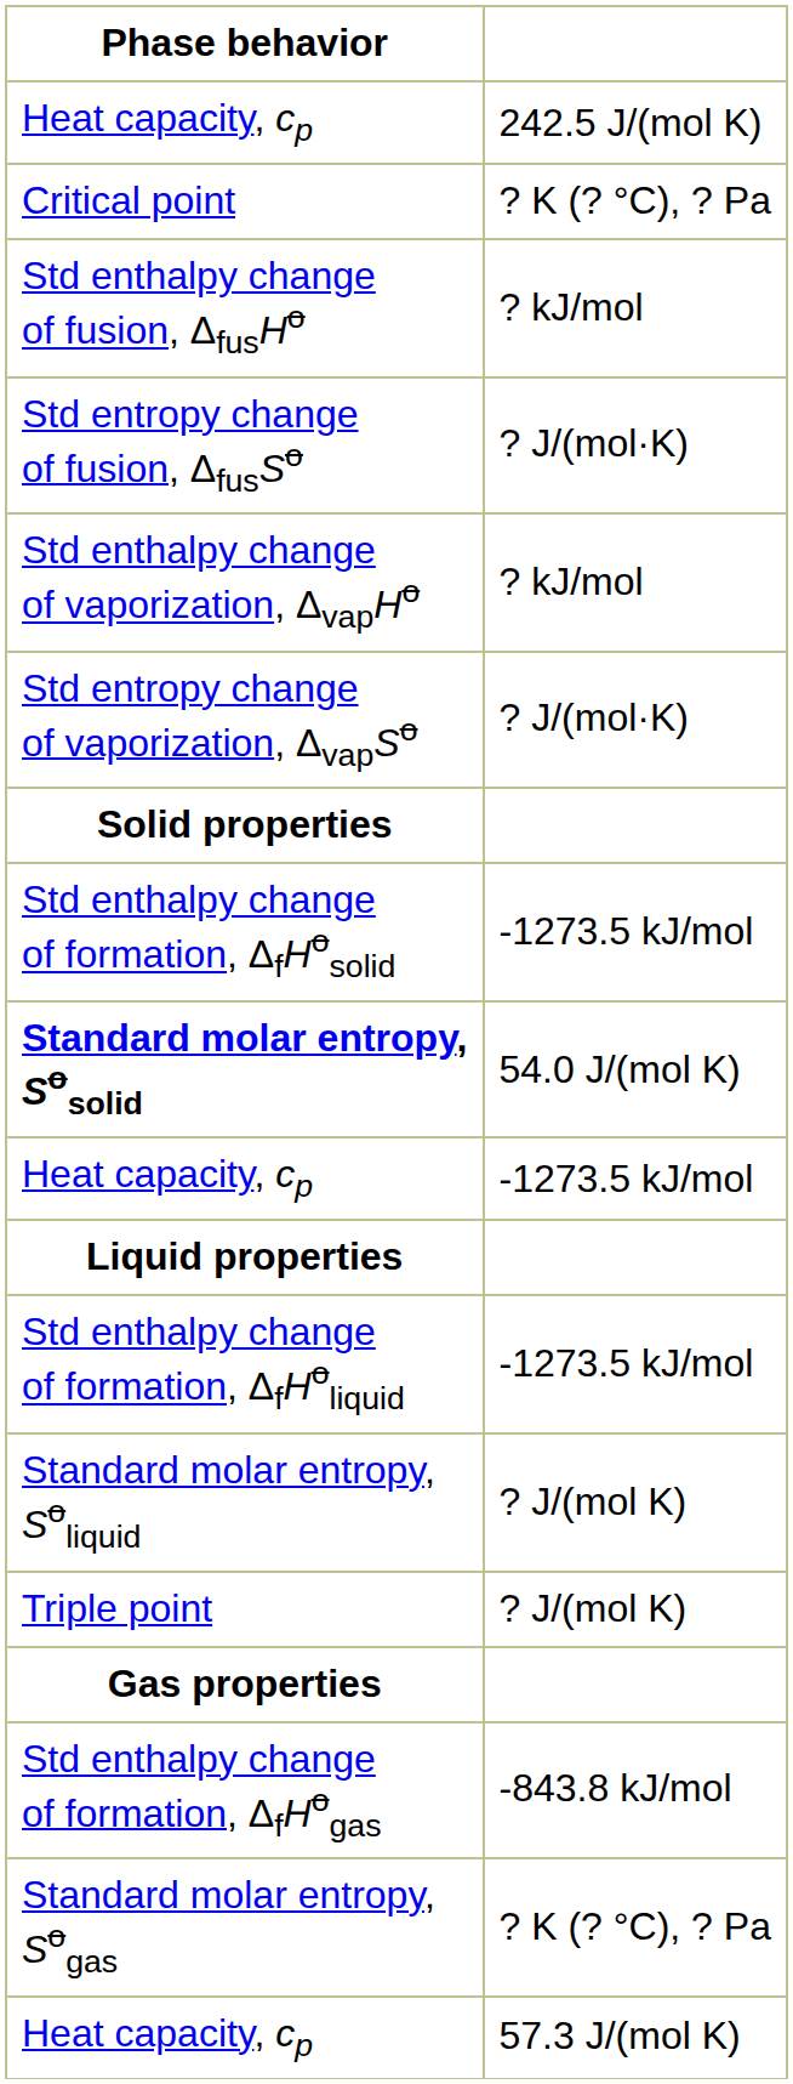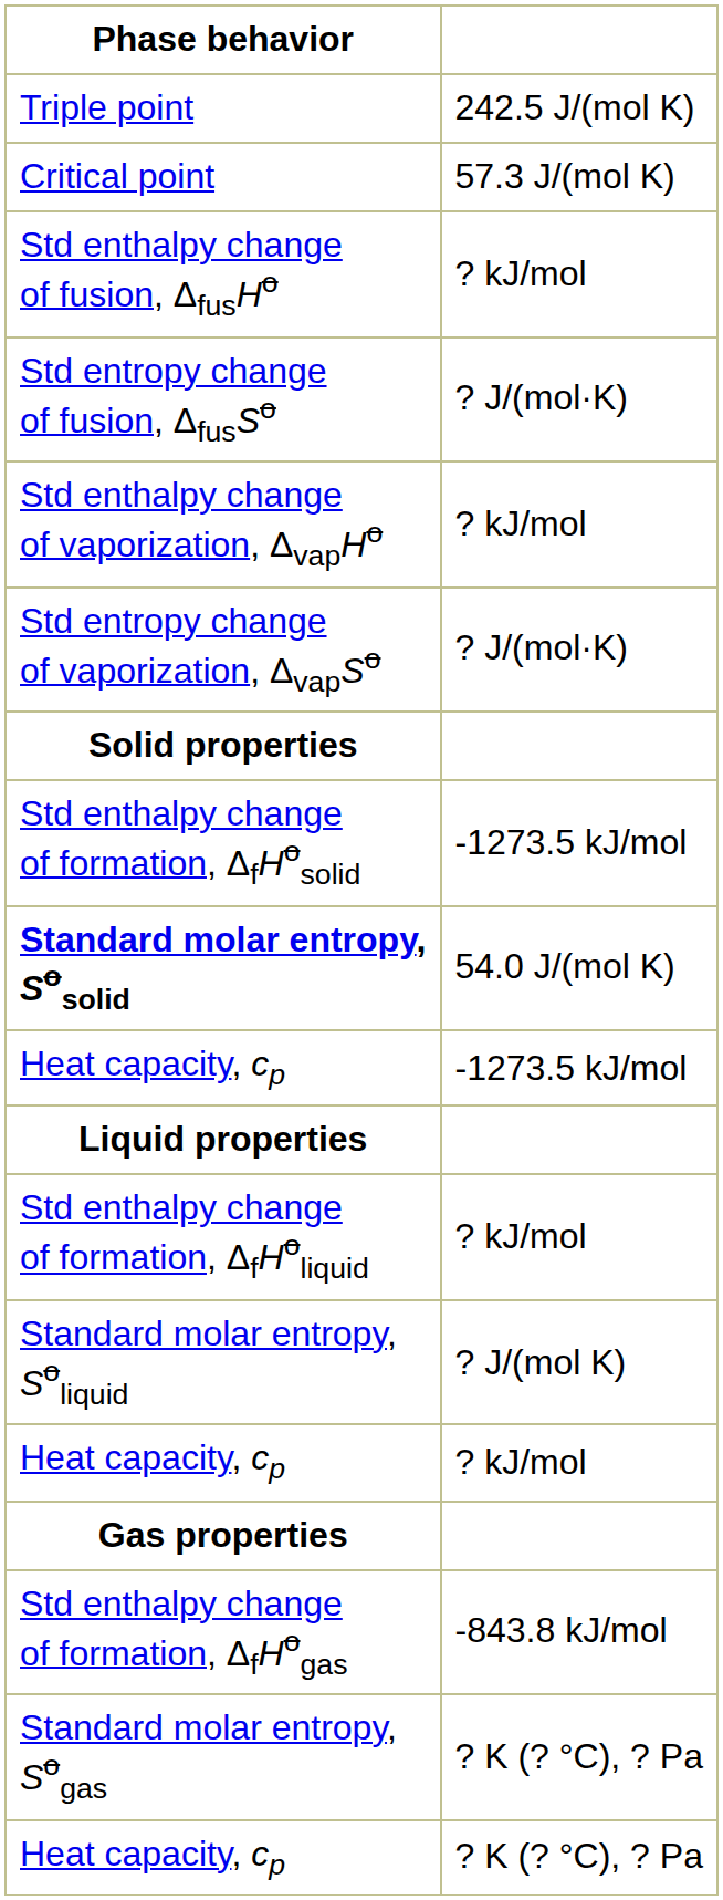 <table border="1" cellspacing="0" cellpadding="6" style="margin: 0 0 0 0.5em; background: #FFFFFF; border-collapse: collapse; border-color: #C0C090;">
 <tr>
 <th>Phase behavior</th>
 </tr>
 <tr>
-<td><a href='#'>Heat capacity</a>, <em>c<sub>p</sub></em></td>
+<td><a href='#'>Triple point</a></td>
 <td>242.5 J/(mol K)</td>
 </tr>
 <tr>
 <td><a href='#'>Critical point</a></td>
-<td>? K (? °C), ? Pa</td>
+<td>57.3 J/(mol K)</td>
 </tr>
 <tr>
 <td><a href='#'>Std enthalpy change<br>of fusion</a>, Δ<sub>fus</sub><em>H</em><sup><s>o</s></sup></td>
 <td>? kJ/mol</td>
 </tr>
 <tr>
 <td><a href='#'>Std entropy change<br>of fusion</a>, Δ<sub>fus</sub><em>S</em><sup><s>o</s></sup></td>
 <td>? J/(mol·K)</td>
 </tr>
 <tr>
 <td><a href='#'>Std enthalpy change<br>of vaporization</a>, Δ<sub>vap</sub><em>H</em><sup><s>o</s></sup></td>
 <td>? kJ/mol</td>
 </tr>
 <tr>
 <td><a href='#'>Std entropy change<br>of vaporization</a>, Δ<sub>vap</sub><em>S</em><sup><s>o</s></sup></td>
 <td>? J/(mol·K)</td>
 </tr>
 <tr>
 <th>Solid properties</th>
 </tr>
 <tr>
 <td><a href='#'>Std enthalpy change<br>of formation</a>, Δ<sub>f</sub><em>H</em><sup><s>o</s></sup><sub>solid</sub></td>
 <td>-1273.5 kJ/mol</td>
 </tr>
 <tr>
 <td><strong><a href='#'>Standard molar entropy</a>,<br><em>S</em><sup><s>o</s></sup><sub>solid</sub></strong></td>
 <td>54.0 J/(mol K)</td>
 </tr>
 <tr>
 <td><a href='#'>Heat capacity</a>, <em>c<sub>p</sub></em></td>
 <td>-1273.5 kJ/mol</td>
 </tr>
 <tr>
 <th>Liquid properties</th>
 </tr>
 <tr>
 <td><a href='#'>Std enthalpy change<br>of formation</a>, Δ<sub>f</sub><em>H</em><sup><s>o</s></sup><sub>liquid</sub></td>
-<td>-1273.5 kJ/mol</td>
+<td>? kJ/mol</td>
 </tr>
 <tr>
 <td><a href='#'>Standard molar entropy</a>,<br><em>S</em><sup><s>o</s></sup><sub>liquid</sub></td>
 <td>? J/(mol K)</td>
 </tr>
 <tr>
-<td><a href='#'>Triple point</a></td>
-<td>? J/(mol K)</td>
+<td><a href='#'>Heat capacity</a>, <em>c<sub>p</sub></em></td>
+<td>? kJ/mol</td>
 </tr>
 <tr>
 <th>Gas properties</th>
 </tr>
 <tr>
 <td><a href='#'>Std enthalpy change<br>of formation</a>, Δ<sub>f</sub><em>H</em><sup><s>o</s></sup><sub>gas</sub></td>
 <td>-843.8 kJ/mol</td>
 </tr>
 <tr>
 <td><a href='#'>Standard molar entropy</a>,<br><em>S</em><sup><s>o</s></sup><sub>gas</sub></td>
 <td>? K (? °C), ? Pa</td>
 </tr>
 <tr>
 <td><a href='#'>Heat capacity</a>, <em>c<sub>p</sub></em></td>
-<td>57.3 J/(mol K)</td>
+<td>? K (? °C), ? Pa</td>
 </tr>
 <tr>
 </tr>
 </table>
